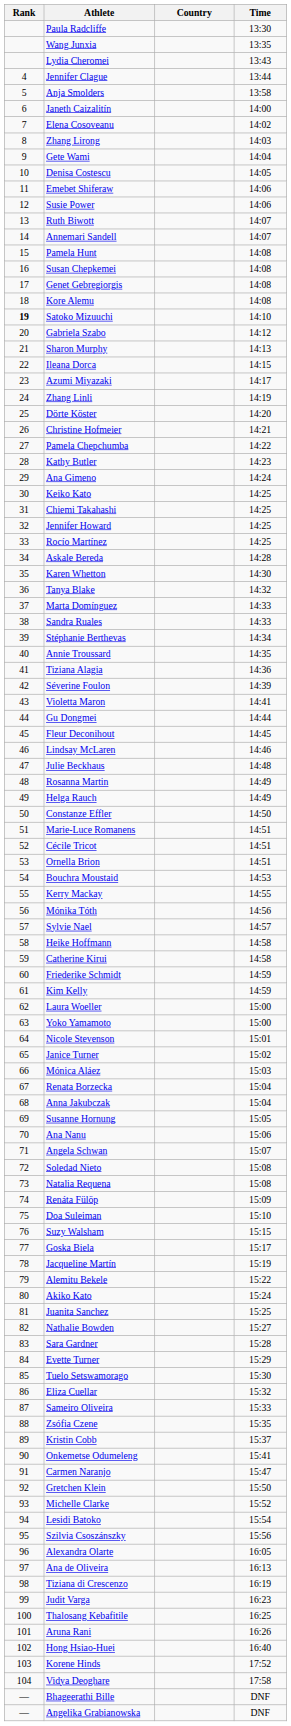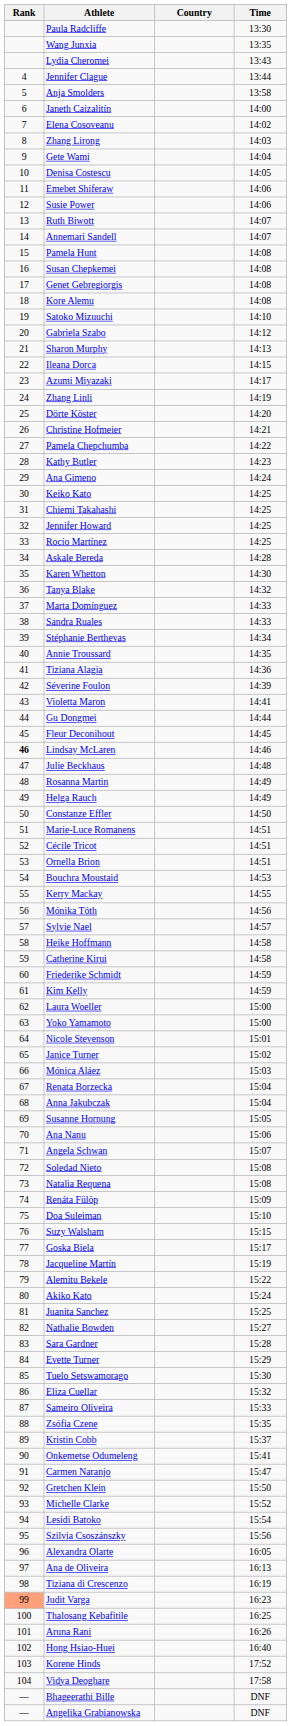 <table class="wikitable sortable" style=" text-align:center; font-size:95%;" width="50%">
 <tr>
 <th width=5%>Rank</th>
 <th width=20%>Athlete</th>
 <th width=15%>Country</th>
 <th width=10%>Time</th>
 </tr>
 <tr>
 <td align=center></td>
 <td align=left><a href='#'>Paula Radcliffe</a></td>
 <td align=left></td>
 <td>13:30</td>
 </tr>
 <tr>
 <td align=center></td>
 <td align=left><a href='#'>Wang Junxia</a></td>
 <td align=left></td>
 <td>13:35</td>
 </tr>
 <tr>
 <td align=center></td>
 <td align=left><a href='#'>Lydia Cheromei</a></td>
 <td align=left></td>
 <td>13:43</td>
 </tr>
 <tr>
 <td align=center>4</td>
 <td align=left><a href='#'>Jennifer Clague</a></td>
 <td align=left></td>
 <td>13:44</td>
 </tr>
 <tr>
 <td align=center>5</td>
 <td align=left><a href='#'>Anja Smolders</a></td>
 <td align=left></td>
 <td>13:58</td>
 </tr>
 <tr>
 <td align=center>6</td>
 <td align=left><a href='#'>Janeth Caizalitín</a></td>
 <td align=left></td>
 <td>14:00</td>
 </tr>
 <tr>
 <td align=center>7</td>
 <td align=left><a href='#'>Elena Cosoveanu</a></td>
 <td align=left></td>
 <td>14:02</td>
 </tr>
 <tr>
 <td align=center>8</td>
 <td align=left><a href='#'>Zhang Lirong</a></td>
 <td align=left></td>
 <td>14:03</td>
 </tr>
 <tr>
 <td align=center>9</td>
 <td align=left><a href='#'>Gete Wami</a></td>
 <td align=left></td>
 <td>14:04</td>
 </tr>
 <tr>
 <td align=center>10</td>
 <td align=left><a href='#'>Denisa Costescu</a></td>
 <td align=left></td>
 <td>14:05</td>
 </tr>
 <tr>
 <td align=center>11</td>
 <td align=left><a href='#'>Emebet Shiferaw</a></td>
 <td align=left></td>
 <td>14:06</td>
 </tr>
 <tr>
 <td align=center>12</td>
 <td align=left><a href='#'>Susie Power</a></td>
 <td align=left></td>
 <td>14:06</td>
 </tr>
 <tr>
 <td align=center>13</td>
 <td align=left><a href='#'>Ruth Biwott</a></td>
 <td align=left></td>
 <td>14:07</td>
 </tr>
 <tr>
 <td align=center>14</td>
 <td align=left><a href='#'>Annemari Sandell</a></td>
 <td align=left></td>
 <td>14:07</td>
 </tr>
 <tr>
 <td align=center>15</td>
 <td align=left><a href='#'>Pamela Hunt</a></td>
 <td align=left></td>
 <td>14:08</td>
 </tr>
 <tr>
 <td align=center>16</td>
 <td align=left><a href='#'>Susan Chepkemei</a></td>
 <td align=left></td>
 <td>14:08</td>
 </tr>
 <tr>
 <td align=center>17</td>
 <td align=left><a href='#'>Genet Gebregiorgis</a></td>
 <td align=left></td>
 <td>14:08</td>
 </tr>
 <tr>
 <td align=center>18</td>
 <td align=left><a href='#'>Kore Alemu</a></td>
 <td align=left></td>
 <td>14:08</td>
 </tr>
 <tr>
-<td align=center><strong>19</strong></td>
+<td align=center>19</td>
 <td align=left><a href='#'>Satoko Mizuuchi</a></td>
 <td align=left></td>
 <td>14:10</td>
 </tr>
 <tr>
 <td align=center>20</td>
 <td align=left><a href='#'>Gabriela Szabo</a></td>
 <td align=left></td>
 <td>14:12</td>
 </tr>
 <tr>
 <td align=center>21</td>
 <td align=left><a href='#'>Sharon Murphy</a></td>
 <td align=left></td>
 <td>14:13</td>
 </tr>
 <tr>
 <td align=center>22</td>
 <td align=left><a href='#'>Ileana Dorca</a></td>
 <td align=left></td>
 <td>14:15</td>
 </tr>
 <tr>
 <td align=center>23</td>
 <td align=left><a href='#'>Azumi Miyazaki</a></td>
 <td align=left></td>
 <td>14:17</td>
 </tr>
 <tr>
 <td align=center>24</td>
 <td align=left><a href='#'>Zhang Linli</a></td>
 <td align=left></td>
 <td>14:19</td>
 </tr>
 <tr>
 <td align=center>25</td>
 <td align=left><a href='#'>Dörte Köster</a></td>
 <td align=left></td>
 <td>14:20</td>
 </tr>
 <tr>
 <td align=center>26</td>
 <td align=left><a href='#'>Christine Hofmeier</a></td>
 <td align=left></td>
 <td>14:21</td>
 </tr>
 <tr>
 <td align=center>27</td>
 <td align=left><a href='#'>Pamela Chepchumba</a></td>
 <td align=left></td>
 <td>14:22</td>
 </tr>
 <tr>
 <td align=center>28</td>
 <td align=left><a href='#'>Kathy Butler</a></td>
 <td align=left></td>
 <td>14:23</td>
 </tr>
 <tr>
 <td align=center>29</td>
 <td align=left><a href='#'>Ana Gimeno</a></td>
 <td align=left></td>
 <td>14:24</td>
 </tr>
 <tr>
 <td align=center>30</td>
 <td align=left><a href='#'>Keiko Kato</a></td>
 <td align=left></td>
 <td>14:25</td>
 </tr>
 <tr>
 <td align=center>31</td>
 <td align=left><a href='#'>Chiemi Takahashi</a></td>
 <td align=left></td>
 <td>14:25</td>
 </tr>
 <tr>
 <td align=center>32</td>
 <td align=left><a href='#'>Jennifer Howard</a></td>
 <td align=left></td>
 <td>14:25</td>
 </tr>
 <tr>
 <td align=center>33</td>
 <td align=left><a href='#'>Rocío Martínez</a></td>
 <td align=left></td>
 <td>14:25</td>
 </tr>
 <tr>
 <td align=center>34</td>
 <td align=left><a href='#'>Askale Bereda</a></td>
 <td align=left></td>
 <td>14:28</td>
 </tr>
 <tr>
 <td align=center>35</td>
 <td align=left><a href='#'>Karen Whetton</a></td>
 <td align=left></td>
 <td>14:30</td>
 </tr>
 <tr>
 <td align=center>36</td>
 <td align=left><a href='#'>Tanya Blake</a></td>
 <td align=left></td>
 <td>14:32</td>
 </tr>
 <tr>
 <td align=center>37</td>
 <td align=left><a href='#'>Marta Domínguez</a></td>
 <td align=left></td>
 <td>14:33</td>
 </tr>
 <tr>
 <td align=center>38</td>
 <td align=left><a href='#'>Sandra Ruales</a></td>
 <td align=left></td>
 <td>14:33</td>
 </tr>
 <tr>
 <td align=center>39</td>
 <td align=left><a href='#'>Stéphanie Berthevas</a></td>
 <td align=left></td>
 <td>14:34</td>
 </tr>
 <tr>
 <td align=center>40</td>
 <td align=left><a href='#'>Annie Troussard</a></td>
 <td align=left></td>
 <td>14:35</td>
 </tr>
 <tr>
 <td align=center>41</td>
 <td align=left><a href='#'>Tiziana Alagia</a></td>
 <td align=left></td>
 <td>14:36</td>
 </tr>
 <tr>
 <td align=center>42</td>
 <td align=left><a href='#'>Séverine Foulon</a></td>
 <td align=left></td>
 <td>14:39</td>
 </tr>
 <tr>
 <td align=center>43</td>
 <td align=left><a href='#'>Violetta Maron</a></td>
 <td align=left></td>
 <td>14:41</td>
 </tr>
 <tr>
 <td align=center>44</td>
 <td align=left><a href='#'>Gu Dongmei</a></td>
 <td align=left></td>
 <td>14:44</td>
 </tr>
 <tr>
 <td align=center>45</td>
 <td align=left><a href='#'>Fleur Deconihout</a></td>
 <td align=left></td>
 <td>14:45</td>
 </tr>
 <tr>
-<td align=center>46</td>
+<td align=center><strong>46</strong></td>
 <td align=left><a href='#'>Lindsay McLaren</a></td>
 <td align=left></td>
 <td>14:46</td>
 </tr>
 <tr>
 <td align=center>47</td>
 <td align=left><a href='#'>Julie Beckhaus</a></td>
 <td align=left></td>
 <td>14:48</td>
 </tr>
 <tr>
 <td align=center>48</td>
 <td align=left><a href='#'>Rosanna Martin</a></td>
 <td align=left></td>
 <td>14:49</td>
 </tr>
 <tr>
 <td align=center>49</td>
 <td align=left><a href='#'>Helga Rauch</a></td>
 <td align=left></td>
 <td>14:49</td>
 </tr>
 <tr>
 <td align=center>50</td>
 <td align=left><a href='#'>Constanze Effler</a></td>
 <td align=left></td>
 <td>14:50</td>
 </tr>
 <tr>
 <td align=center>51</td>
 <td align=left><a href='#'>Marie-Luce Romanens</a></td>
 <td align=left></td>
 <td>14:51</td>
 </tr>
 <tr>
 <td align=center>52</td>
 <td align=left><a href='#'>Cécile Tricot</a></td>
 <td align=left></td>
 <td>14:51</td>
 </tr>
 <tr>
 <td align=center>53</td>
 <td align=left><a href='#'>Ornella Brion</a></td>
 <td align=left></td>
 <td>14:51</td>
 </tr>
 <tr>
 <td align=center>54</td>
 <td align=left><a href='#'>Bouchra Moustaid</a></td>
 <td align=left></td>
 <td>14:53</td>
 </tr>
 <tr>
 <td align=center>55</td>
 <td align=left><a href='#'>Kerry Mackay</a></td>
 <td align=left></td>
 <td>14:55</td>
 </tr>
 <tr>
 <td align=center>56</td>
 <td align=left><a href='#'>Mónika Tóth</a></td>
 <td align=left></td>
 <td>14:56</td>
 </tr>
 <tr>
 <td align=center>57</td>
 <td align=left><a href='#'>Sylvie Nael</a></td>
 <td align=left></td>
 <td>14:57</td>
 </tr>
 <tr>
 <td align=center>58</td>
 <td align=left><a href='#'>Heike Hoffmann</a></td>
 <td align=left></td>
 <td>14:58</td>
 </tr>
 <tr>
 <td align=center>59</td>
 <td align=left><a href='#'>Catherine Kirui</a></td>
 <td align=left></td>
 <td>14:58</td>
 </tr>
 <tr>
 <td align=center>60</td>
 <td align=left><a href='#'>Friederike Schmidt</a></td>
 <td align=left></td>
 <td>14:59</td>
 </tr>
 <tr>
 <td align=center>61</td>
 <td align=left><a href='#'>Kim Kelly</a></td>
 <td align=left></td>
 <td>14:59</td>
 </tr>
 <tr>
 <td align=center>62</td>
 <td align=left><a href='#'>Laura Woeller</a></td>
 <td align=left></td>
 <td>15:00</td>
 </tr>
 <tr>
 <td align=center>63</td>
 <td align=left><a href='#'>Yoko Yamamoto</a></td>
 <td align=left></td>
 <td>15:00</td>
 </tr>
 <tr>
 <td align=center>64</td>
 <td align=left><a href='#'>Nicole Stevenson</a></td>
 <td align=left></td>
 <td>15:01</td>
 </tr>
 <tr>
 <td align=center>65</td>
 <td align=left><a href='#'>Janice Turner</a></td>
 <td align=left></td>
 <td>15:02</td>
 </tr>
 <tr>
 <td align=center>66</td>
 <td align=left><a href='#'>Mónica Aláez</a></td>
 <td align=left></td>
 <td>15:03</td>
 </tr>
 <tr>
 <td align=center>67</td>
 <td align=left><a href='#'>Renata Borzecka</a></td>
 <td align=left></td>
 <td>15:04</td>
 </tr>
 <tr>
 <td align=center>68</td>
 <td align=left><a href='#'>Anna Jakubczak</a></td>
 <td align=left></td>
 <td>15:04</td>
 </tr>
 <tr>
 <td align=center>69</td>
 <td align=left><a href='#'>Susanne Hornung</a></td>
 <td align=left></td>
 <td>15:05</td>
 </tr>
 <tr>
 <td align=center>70</td>
 <td align=left><a href='#'>Ana Nanu</a></td>
 <td align=left></td>
 <td>15:06</td>
 </tr>
 <tr>
 <td align=center>71</td>
 <td align=left><a href='#'>Angela Schwan</a></td>
 <td align=left></td>
 <td>15:07</td>
 </tr>
 <tr>
 <td align=center>72</td>
 <td align=left><a href='#'>Soledad Nieto</a></td>
 <td align=left></td>
 <td>15:08</td>
 </tr>
 <tr>
 <td align=center>73</td>
 <td align=left><a href='#'>Natalia Requena</a></td>
 <td align=left></td>
 <td>15:08</td>
 </tr>
 <tr>
 <td align=center>74</td>
 <td align=left><a href='#'>Renáta Fülöp</a></td>
 <td align=left></td>
 <td>15:09</td>
 </tr>
 <tr>
 <td align=center>75</td>
 <td align=left><a href='#'>Doa Suleiman</a></td>
 <td align=left></td>
 <td>15:10</td>
 </tr>
 <tr>
 <td align=center>76</td>
 <td align=left><a href='#'>Suzy Walsham</a></td>
 <td align=left></td>
 <td>15:15</td>
 </tr>
 <tr>
 <td align=center>77</td>
 <td align=left><a href='#'>Goska Biela</a></td>
 <td align=left></td>
 <td>15:17</td>
 </tr>
 <tr>
 <td align=center>78</td>
 <td align=left><a href='#'>Jacqueline Martín</a></td>
 <td align=left></td>
 <td>15:19</td>
 </tr>
 <tr>
 <td align=center>79</td>
 <td align=left><a href='#'>Alemitu Bekele</a></td>
 <td align=left></td>
 <td>15:22</td>
 </tr>
 <tr>
 <td align=center>80</td>
 <td align=left><a href='#'>Akiko Kato</a></td>
 <td align=left></td>
 <td>15:24</td>
 </tr>
 <tr>
 <td align=center>81</td>
 <td align=left><a href='#'>Juanita Sanchez</a></td>
 <td align=left></td>
 <td>15:25</td>
 </tr>
 <tr>
 <td align=center>82</td>
 <td align=left><a href='#'>Nathalie Bowden</a></td>
 <td align=left></td>
 <td>15:27</td>
 </tr>
 <tr>
 <td align=center>83</td>
 <td align=left><a href='#'>Sara Gardner</a></td>
 <td align=left></td>
 <td>15:28</td>
 </tr>
 <tr>
 <td align=center>84</td>
 <td align=left><a href='#'>Evette Turner</a></td>
 <td align=left></td>
 <td>15:29</td>
 </tr>
 <tr>
 <td align=center>85</td>
 <td align=left><a href='#'>Tuelo Setswamorago</a></td>
 <td align=left></td>
 <td>15:30</td>
 </tr>
 <tr>
 <td align=center>86</td>
 <td align=left><a href='#'>Eliza Cuellar</a></td>
 <td align=left></td>
 <td>15:32</td>
 </tr>
 <tr>
 <td align=center>87</td>
 <td align=left><a href='#'>Sameiro Oliveira</a></td>
 <td align=left></td>
 <td>15:33</td>
 </tr>
 <tr>
 <td align=center>88</td>
 <td align=left><a href='#'>Zsófia Czene</a></td>
 <td align=left></td>
 <td>15:35</td>
 </tr>
 <tr>
 <td align=center>89</td>
 <td align=left><a href='#'>Kristin Cobb</a></td>
 <td align=left></td>
 <td>15:37</td>
 </tr>
 <tr>
 <td align=center>90</td>
 <td align=left><a href='#'>Onkemetse Odumeleng</a></td>
 <td align=left></td>
 <td>15:41</td>
 </tr>
 <tr>
 <td align=center>91</td>
 <td align=left><a href='#'>Carmen Naranjo</a></td>
 <td align=left></td>
 <td>15:47</td>
 </tr>
 <tr>
 <td align=center>92</td>
 <td align=left><a href='#'>Gretchen Klein</a></td>
 <td align=left></td>
 <td>15:50</td>
 </tr>
 <tr>
 <td align=center>93</td>
 <td align=left><a href='#'>Michelle Clarke</a></td>
 <td align=left></td>
 <td>15:52</td>
 </tr>
 <tr>
 <td align=center>94</td>
 <td align=left><a href='#'>Lesidi Batoko</a></td>
 <td align=left></td>
 <td>15:54</td>
 </tr>
 <tr>
 <td align=center>95</td>
 <td align=left><a href='#'>Szilvia Csoszánszky</a></td>
 <td align=left></td>
 <td>15:56</td>
 </tr>
 <tr>
 <td align=center>96</td>
 <td align=left><a href='#'>Alexandra Olarte</a></td>
 <td align=left></td>
 <td>16:05</td>
 </tr>
 <tr>
 <td align=center>97</td>
 <td align=left><a href='#'>Ana de Oliveira</a></td>
 <td align=left></td>
 <td>16:13</td>
 </tr>
 <tr>
 <td align=center>98</td>
 <td align=left><a href='#'>Tiziana di Crescenzo</a></td>
 <td align=left></td>
 <td>16:19</td>
 </tr>
 <tr>
-<td align=center>99</td>
+<td align=center style="background: lightsalmon;">99</td>
 <td align=left><a href='#'>Judit Varga</a></td>
 <td align=left></td>
 <td>16:23</td>
 </tr>
 <tr>
 <td align=center>100</td>
 <td align=left><a href='#'>Thalosang Kebafitile</a></td>
 <td align=left></td>
 <td>16:25</td>
 </tr>
 <tr>
 <td align=center>101</td>
 <td align=left><a href='#'>Aruna Rani</a></td>
 <td align=left></td>
 <td>16:26</td>
 </tr>
 <tr>
 <td align=center>102</td>
 <td align=left><a href='#'>Hong Hsiao-Huei</a></td>
 <td align=left></td>
 <td>16:40</td>
 </tr>
 <tr>
 <td align=center>103</td>
 <td align=left><a href='#'>Korene Hinds</a></td>
 <td align=left></td>
 <td>17:52</td>
 </tr>
 <tr>
 <td align=center>104</td>
 <td align=left><a href='#'>Vidya Deoghare</a></td>
 <td align=left></td>
 <td>17:58</td>
 </tr>
 <tr>
 <td align=center>—</td>
 <td align=left><a href='#'>Bhageerathi Bille</a></td>
 <td align=left></td>
 <td>DNF</td>
 </tr>
 <tr>
 <td align=center>—</td>
 <td align=left><a href='#'>Angelika Grabianowska</a></td>
 <td align=left></td>
 <td>DNF</td>
 </tr>
 </table>
